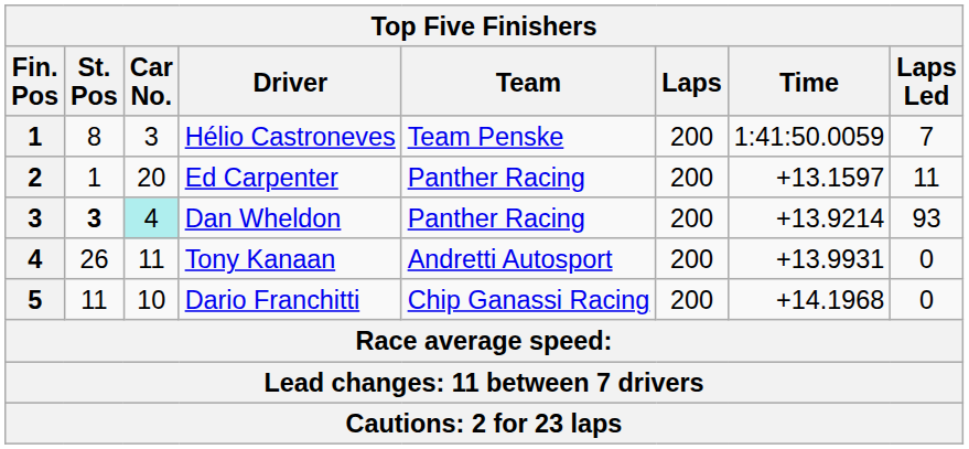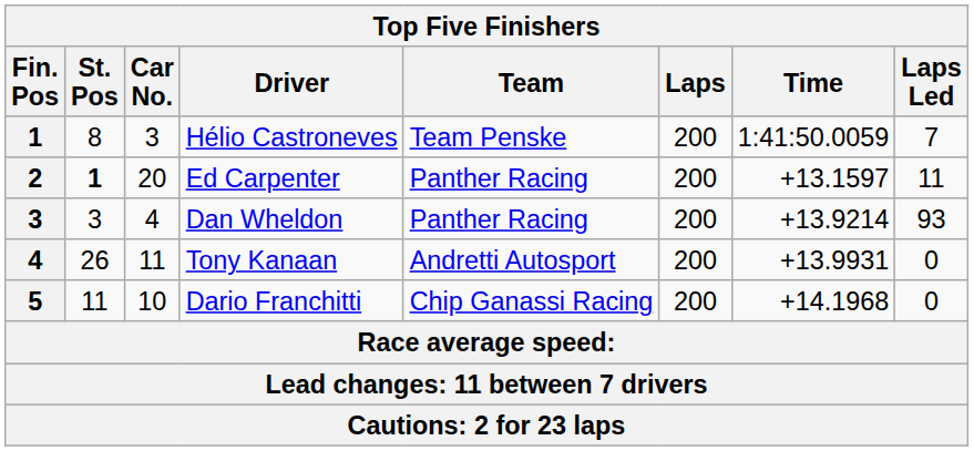 <table class="wikitable" style="font-size:95%;">
 <tr>
 <th colspan=9>Top Five Finishers</th>
 </tr>
 <tr>
 <th>Fin.<br>Pos</th>
 <th>St.<br>Pos</th>
 <th>Car<br>No.</th>
 <th>Driver</th>
 <th>Team</th>
 <th>Laps</th>
 <th>Time</th>
 <th>Laps<br>Led</th>
 </tr>
 <tr>
 <th>1</th>
 <td align=center>8</td>
 <td align=center>3</td>
 <td> <a href='#'>Hélio Castroneves</a></td>
 <td><a href='#'>Team Penske</a></td>
 <td align=center>200</td>
 <td align=right>1:41:50.0059</td>
 <td align=center>7</td>
 </tr>
 <tr>
 <th>2</th>
-<td align=center>1</td>
+<td align=center><strong>1</strong></td>
 <td align=center>20</td>
 <td> <a href='#'>Ed Carpenter</a></td>
 <td><a href='#'>Panther Racing</a></td>
 <td align=center>200</td>
 <td align=right>+13.1597</td>
 <td align=center>11</td>
 </tr>
 <tr>
 <th>3</th>
-<td align=center><strong>3</strong></td>
-<td align=center style="background: paleturquoise;">4</td>
+<td align=center>3</td>
+<td align=center>4</td>
 <td> <a href='#'>Dan Wheldon</a></td>
 <td><a href='#'>Panther Racing</a></td>
 <td align=center>200</td>
 <td align=right>+13.9214</td>
 <td align=center>93</td>
 </tr>
 <tr>
 <th>4</th>
 <td align=center>26</td>
 <td align=center>11</td>
 <td> <a href='#'>Tony Kanaan</a></td>
 <td><a href='#'>Andretti Autosport</a></td>
 <td align=center>200</td>
 <td align=right>+13.9931</td>
 <td align=center>0</td>
 </tr>
 <tr>
 <th>5</th>
 <td align=center>11</td>
 <td align=center>10</td>
 <td> <a href='#'>Dario Franchitti</a></td>
 <td><a href='#'>Chip Ganassi Racing</a></td>
 <td align=center>200</td>
 <td align=right>+14.1968</td>
 <td align=center>0</td>
 </tr>
 <tr>
 <th colspan=9>Race average speed: </th>
 </tr>
 <tr>
 <th colspan=9>Lead changes: 11 between 7 drivers</th>
 </tr>
 <tr>
 <th colspan=9>Cautions: 2 for 23 laps</th>
 </tr>
 </table>
